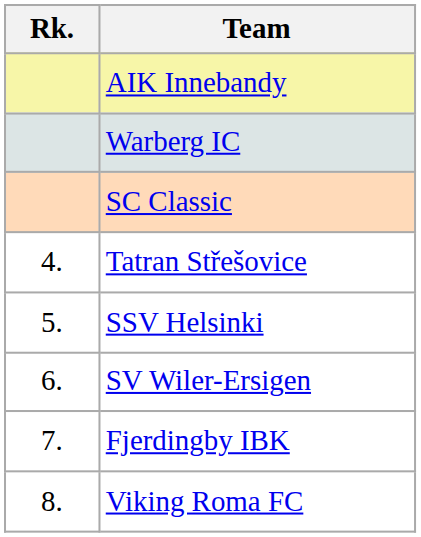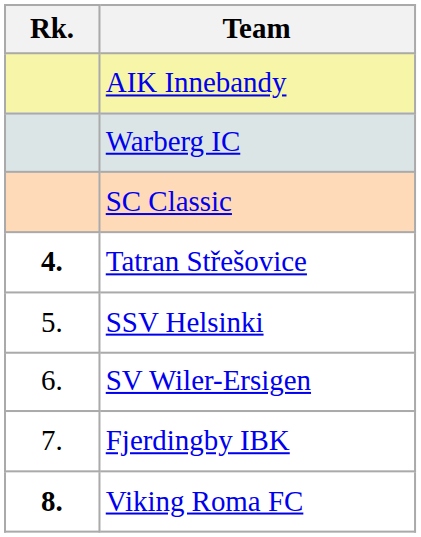 <table class="wikitable" style="border:1px solid #AAAAAA;font-size:90%">
 <tr bgcolor="#E4E4E4">
 <th style="border-bottom:1px solid #AAAAAA" width=40>Rk.</th>
 <th style="border-bottom:1px solid #AAAAAA" width=150>Team</th>
 </tr>
 <tr bgcolor="#F7F6A8">
 <td align="center" style="height:23px"></td>
 <td> <a href='#'>AIK Innebandy</a></td>
 </tr>
 <tr bgcolor="#DCE5E5">
 <td align="center" style="height:23px"></td>
 <td> <a href='#'>Warberg IC</a></td>
 </tr>
 <tr bgcolor="#FFDAB9">
 <td align="center" style="height:23px"></td>
 <td> <a href='#'>SC Classic</a></td>
 </tr>
 <tr bgcolor="#ffffff">
-<td align="center" style="height:23px">4.</td>
+<td align="center" style="height:23px"><strong>4.</strong></td>
 <td> <a href='#'>Tatran Střešovice</a></td>
 </tr>
 <tr bgcolor="#ffffff">
 <td align="center" style="height:23px">5.</td>
 <td> <a href='#'>SSV Helsinki</a></td>
 </tr>
 <tr bgcolor="#ffffff">
 <td align="center" style="height:23px">6.</td>
 <td> <a href='#'>SV Wiler-Ersigen</a></td>
 </tr>
 <tr bgcolor="#ffffff">
 <td align="center" style="height:23px">7.</td>
 <td> <a href='#'>Fjerdingby IBK</a></td>
 </tr>
 <tr bgcolor="#ffffff">
-<td align="center" style="height:23px">8.</td>
+<td align="center" style="height:23px"><strong>8.</strong></td>
 <td> <a href='#'>Viking Roma FC</a></td>
 </tr>
 </table>
